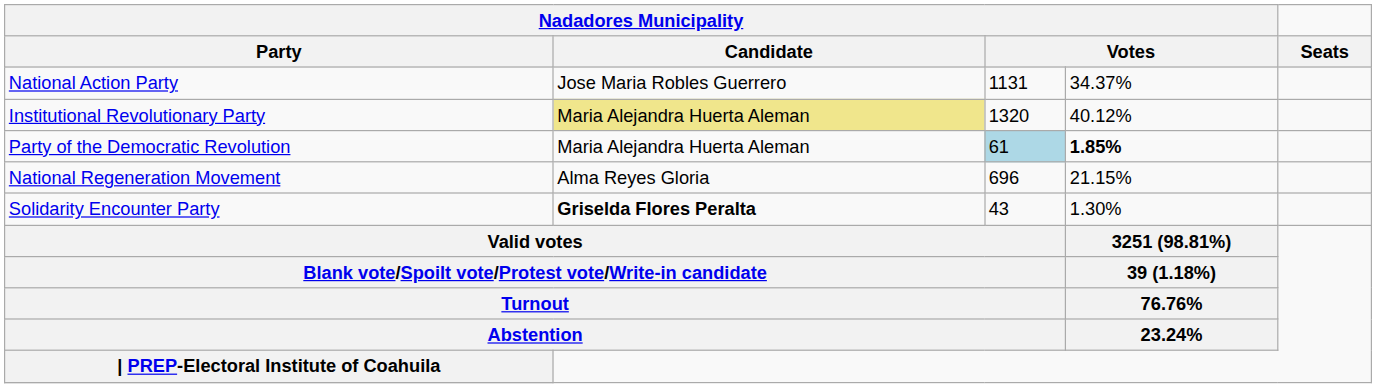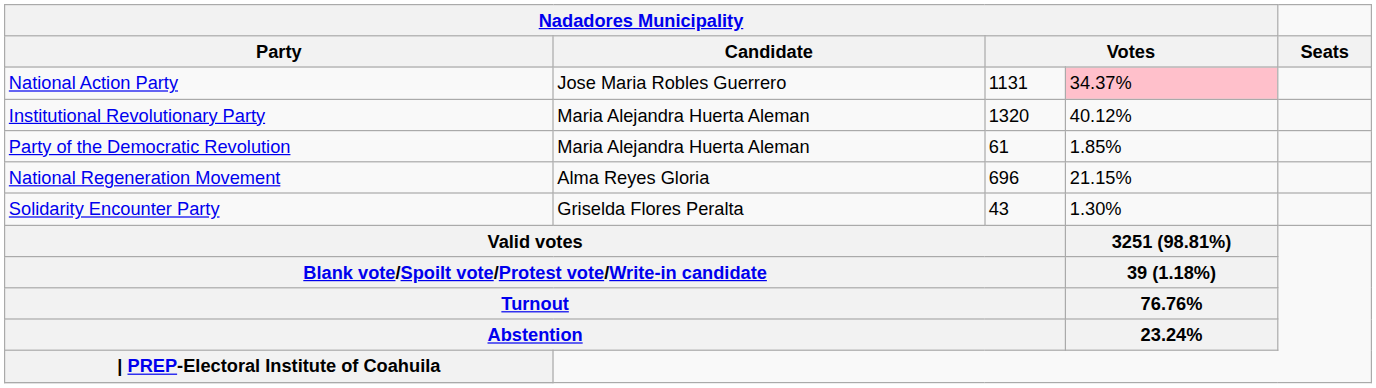 <table class="wikitable collapsible collapsed" style="font-size:95%; width:72%; line-height:126%; margin-bottom:0">
 <tr>
 <th Colspan = 4><strong><a href='#'>Nadadores Municipality</a></strong></th>
 </tr>
 <tr style="background:#efefef;">
 <th Colspan = 1><strong>Party</strong></th>
 <th Colspan = 1><strong>Candidate</strong></th>
 <th Colspan = 2><strong>Votes</strong></th>
 <th Colspan = 1><strong>Seats</strong></th>
 </tr>
 <tr>
 <td> <a href='#'>National Action Party</a></td>
 <td>Jose Maria Robles Guerrero</td>
 <td>1131</td>
-<td>34.37%</td>
+<td style="background: pink;">34.37%</td>
 <td></td>
 </tr>
 <tr>
 <td> <a href='#'>Institutional Revolutionary Party</a></td>
-<td style="background: khaki;">Maria Alejandra Huerta Aleman</td>
+<td>Maria Alejandra Huerta Aleman</td>
 <td>1320</td>
 <td>40.12%</td>
 <td></td>
 </tr>
 <tr>
 <td> <a href='#'>Party of the Democratic Revolution</a></td>
 <td>Maria Alejandra Huerta Aleman</td>
-<td style="background: lightblue;">61</td>
-<td><strong>1.85%</strong></td>
+<td>61</td>
+<td>1.85%</td>
 <td></td>
 </tr>
 <tr>
 <td> <a href='#'>National Regeneration Movement</a></td>
 <td>Alma Reyes Gloria</td>
 <td>696</td>
 <td>21.15%</td>
 <td></td>
 </tr>
 <tr>
 <td> <a href='#'>Solidarity Encounter Party</a></td>
-<td><strong>Griselda Flores Peralta</strong></td>
+<td>Griselda Flores Peralta</td>
 <td>43</td>
 <td>1.30%</td>
 <td></td>
 </tr>
 <tr>
 <th Colspan = 3><strong>Valid votes</strong></th>
 <th>3251 (98.81%)</th>
 </tr>
 <tr>
 <th Colspan = 3><strong><a href='#'>Blank vote</a>/<a href='#'>Spoilt vote</a>/<a href='#'>Protest vote</a>/<a href='#'>Write-in candidate</a></strong></th>
 <th>39 (1.18%)</th>
 </tr>
 <tr>
 <th Colspan = 3><strong><a href='#'>Turnout</a></strong></th>
 <th>76.76%</th>
 </tr>
 <tr>
 <th Colspan = 3><strong><a href='#'>Abstention</a></strong></th>
 <th>23.24%</th>
 </tr>
 <tr>
 <th Colspan =>| <a href='#'>PREP</a>-Electoral Institute of Coahuila</th>
 </tr>
 <tr>
 </tr>
 </table>
